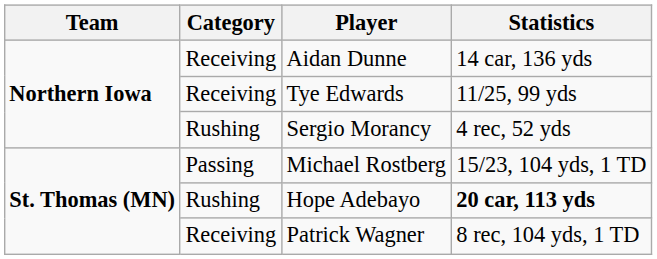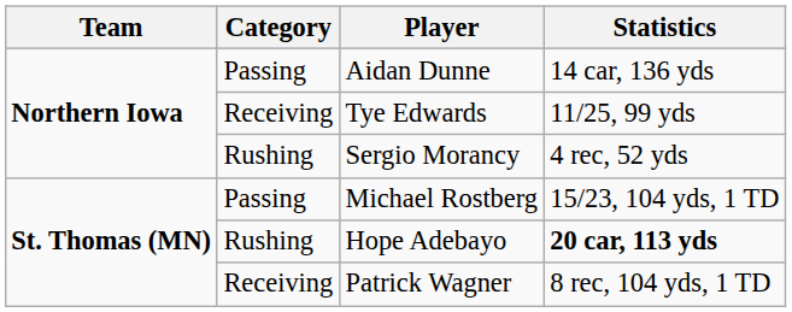 <table class="wikitable" style="float: right;">
 <tr>
 <th>Team</th>
 <th>Category</th>
 <th>Player</th>
 <th>Statistics</th>
 </tr>
 <tr>
 <td rowspan=3><strong>Northern Iowa</strong></td>
-<td>Receiving</td>
+<td>Passing</td>
 <td>Aidan Dunne</td>
 <td>14 car, 136 yds</td>
 </tr>
 <tr>
 <td>Receiving</td>
 <td>Tye Edwards</td>
 <td>11/25, 99 yds</td>
 </tr>
 <tr>
 <td>Rushing</td>
 <td>Sergio Morancy</td>
 <td>4 rec, 52 yds</td>
 </tr>
 <tr>
 <td rowspan=3><strong>St. Thomas (MN)</strong></td>
 <td>Passing</td>
 <td>Michael Rostberg</td>
 <td>15/23, 104 yds, 1 TD</td>
 </tr>
 <tr>
 <td>Rushing</td>
 <td>Hope Adebayo</td>
 <td><strong>20 car, 113 yds</strong></td>
 </tr>
 <tr>
 <td>Receiving</td>
 <td>Patrick Wagner</td>
 <td>8 rec, 104 yds, 1 TD</td>
 </tr>
 </table>
